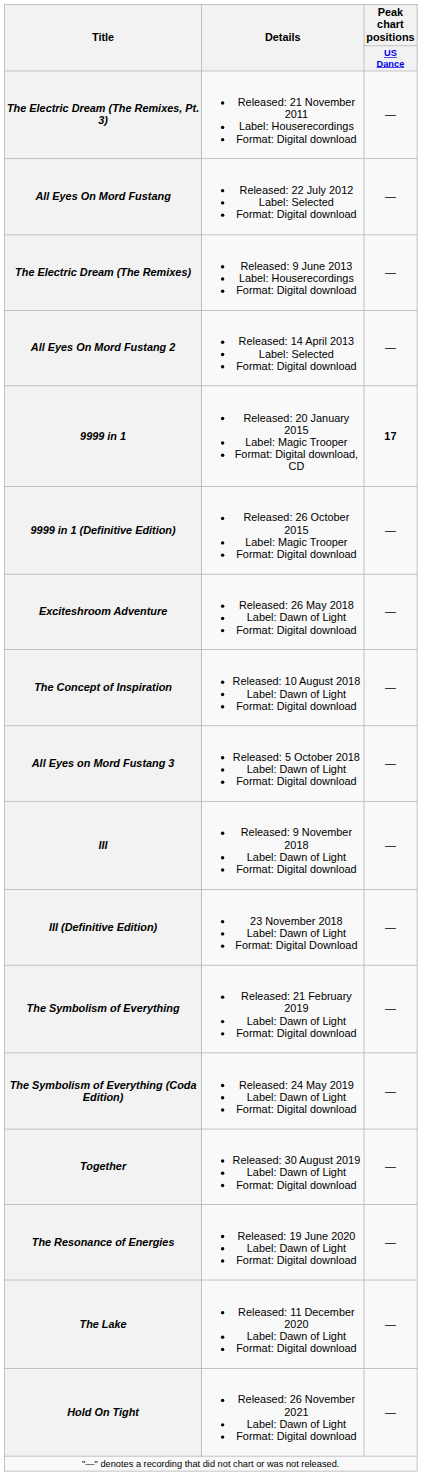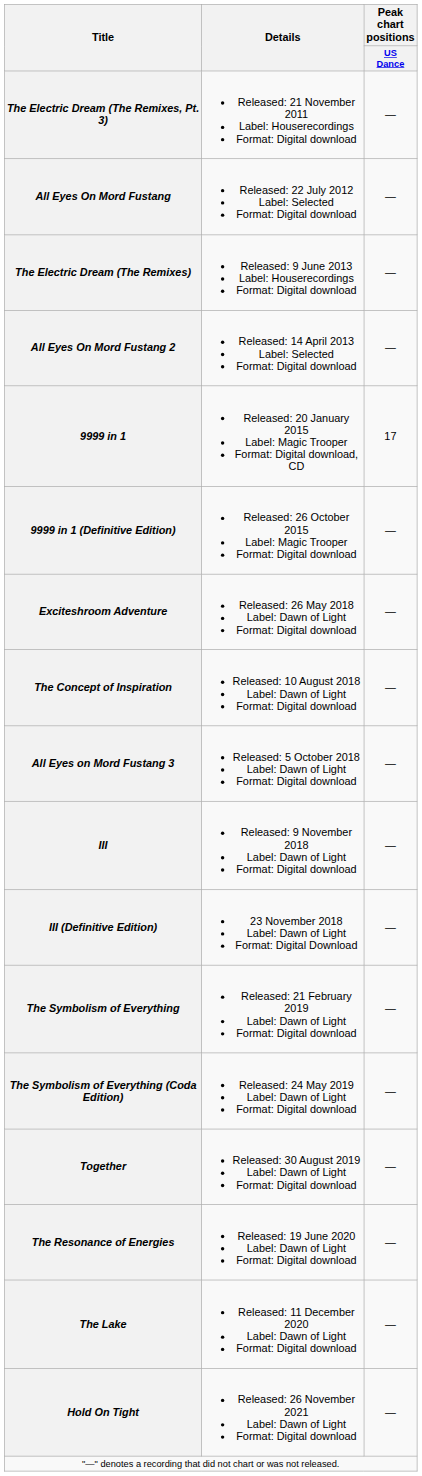 <table class="wikitable plainrowheaders" style="text-align:center;">
 <tr>
 <th rowspan="2" scope="col">Title</th>
 <th rowspan="2" scope="col">Details</th>
 <th>Peak chart positions</th>
 </tr>
 <tr>
 <th scope="col" style="width:3em;font-size:85%;"><a href='#'>US</a><br><a href='#'>Dance</a><br></th>
 </tr>
 <tr>
 <th scope="row"><em>The Electric Dream (The Remixes, Pt. 3)</em></th>
 <td><br><ul><li>Released: 21 November 2011</li><li>Label: Houserecordings</li><li>Format: Digital download</li></ul></td>
 <td>—</td>
 </tr>
 <tr>
 <th scope="row"><em>All Eyes On Mord Fustang</em></th>
 <td><br><ul><li>Released: 22 July 2012</li><li>Label: Selected</li><li>Format: Digital download</li></ul></td>
 <td>—</td>
 </tr>
 <tr>
 <th scope="row"><em>The Electric Dream (The Remixes)</em></th>
 <td><br><ul><li>Released: 9 June 2013</li><li>Label: Houserecordings</li><li>Format: Digital download</li></ul></td>
 <td>—</td>
 </tr>
 <tr>
 <th scope="row"><em>All Eyes On Mord Fustang 2</em></th>
 <td><br><ul><li>Released: 14 April 2013</li><li>Label: Selected</li><li>Format: Digital download</li></ul></td>
 <td>—</td>
 </tr>
 <tr>
 <th scope="row"><em>9999 in 1</em></th>
 <td><br><ul><li>Released: 20 January 2015</li><li>Label: Magic Trooper</li><li>Format: Digital download, CD</li></ul></td>
-<td><strong>17</strong></td>
+<td>17</td>
 </tr>
 <tr>
 <th scope="row"><em>9999 in 1 (Definitive Edition)</em></th>
 <td><br><ul><li>Released: 26 October 2015</li><li>Label: Magic Trooper</li><li>Format: Digital download</li></ul></td>
 <td>—</td>
 </tr>
 <tr>
 <th scope="row"><em>Exciteshroom Adventure</em></th>
 <td><br><ul><li>Released: 26 May 2018</li><li>Label: Dawn of Light</li><li>Format: Digital download</li></ul></td>
 <td>—</td>
 </tr>
 <tr>
 <th scope="row"><em>The Concept of Inspiration</em></th>
 <td><br><ul><li>Released: 10 August 2018</li><li>Label: Dawn of Light</li><li>Format: Digital download</li></ul></td>
 <td>—</td>
 </tr>
 <tr>
 <th scope="row"><em>All Eyes on Mord Fustang 3</em></th>
 <td><br><ul><li>Released: 5 October 2018</li><li>Label: Dawn of Light</li><li>Format: Digital download</li></ul></td>
 <td>—</td>
 </tr>
 <tr>
 <th scope="row"><em>III</em></th>
 <td><br><ul><li>Released: 9 November 2018</li><li>Label: Dawn of Light</li><li>Format: Digital download</li></ul></td>
 <td>—</td>
 </tr>
 <tr>
 <th scope="row"><em>III (Definitive Edition)</em></th>
 <td><br><ul><li>23 November 2018</li><li>Label: Dawn of Light</li><li>Format: Digital Download</li></ul></td>
 <td>—</td>
 </tr>
 <tr>
 <th scope="row"><em>The Symbolism of Everything</em></th>
 <td><br><ul><li>Released: 21 February 2019</li><li>Label: Dawn of Light</li><li>Format: Digital download</li></ul></td>
 <td>—</td>
 </tr>
 <tr>
 <th scope="row"><em>The Symbolism of Everything (Coda Edition)</em></th>
 <td><br><ul><li>Released: 24 May 2019</li><li>Label: Dawn of Light</li><li>Format: Digital download</li></ul></td>
 <td>—</td>
 </tr>
 <tr>
 <th scope="row"><em>Together</em></th>
 <td><br><ul><li>Released: 30 August 2019</li><li>Label: Dawn of Light</li><li>Format: Digital download</li></ul></td>
 <td>—</td>
 </tr>
 <tr>
 <th scope="row"><em>The Resonance of Energies</em></th>
 <td><br><ul><li>Released: 19 June 2020</li><li>Label: Dawn of Light</li><li>Format: Digital download</li></ul></td>
 <td>—</td>
 </tr>
 <tr>
 <th scope="row"><em>The Lake</em></th>
 <td><br><ul><li>Released: 11 December 2020</li><li>Label: Dawn of Light</li><li>Format: Digital download</li></ul></td>
 <td>—</td>
 </tr>
 <tr>
 <th scope="row"><em>Hold On Tight</em></th>
 <td><br><ul><li>Released: 26 November 2021</li><li>Label: Dawn of Light</li><li>Format: Digital download</li></ul></td>
 <td>—</td>
 </tr>
 <tr>
 <td colspan="3" style="font-size:85%">"—" denotes a recording that did not chart or was not released.</td>
 </tr>
 </table>
